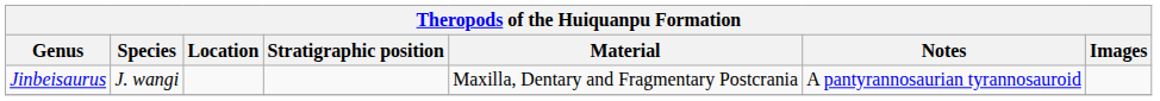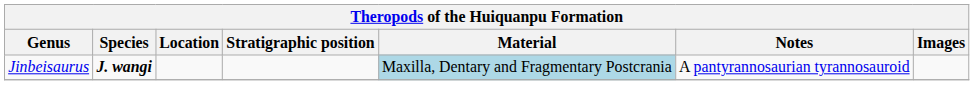 <table class="wikitable" align="center">
 <tr>
 <th colspan="7" align="center"><a href='#'>Theropods</a> of the Huiquanpu Formation</th>
 </tr>
 <tr>
 <th>Genus</th>
 <th>Species</th>
 <th>Location</th>
 <th>Stratigraphic position</th>
 <th>Material</th>
 <th>Notes</th>
 <th>Images</th>
 </tr>
 <tr>
 <td><em><a href='#'>Jinbeisaurus</a></em></td>
-<td><em>J. wangi </em></td>
+<td><strong><em>J. wangi </em></strong></td>
 <td></td>
 <td></td>
-<td>Maxilla, Dentary and Fragmentary Postcrania</td>
+<td style="background: lightblue;">Maxilla, Dentary and Fragmentary Postcrania</td>
 <td>A <a href='#'>pantyrannosaurian tyrannosauroid</a></td>
 <td></td>
 </tr>
 <tr>
 </tr>
 </table>
